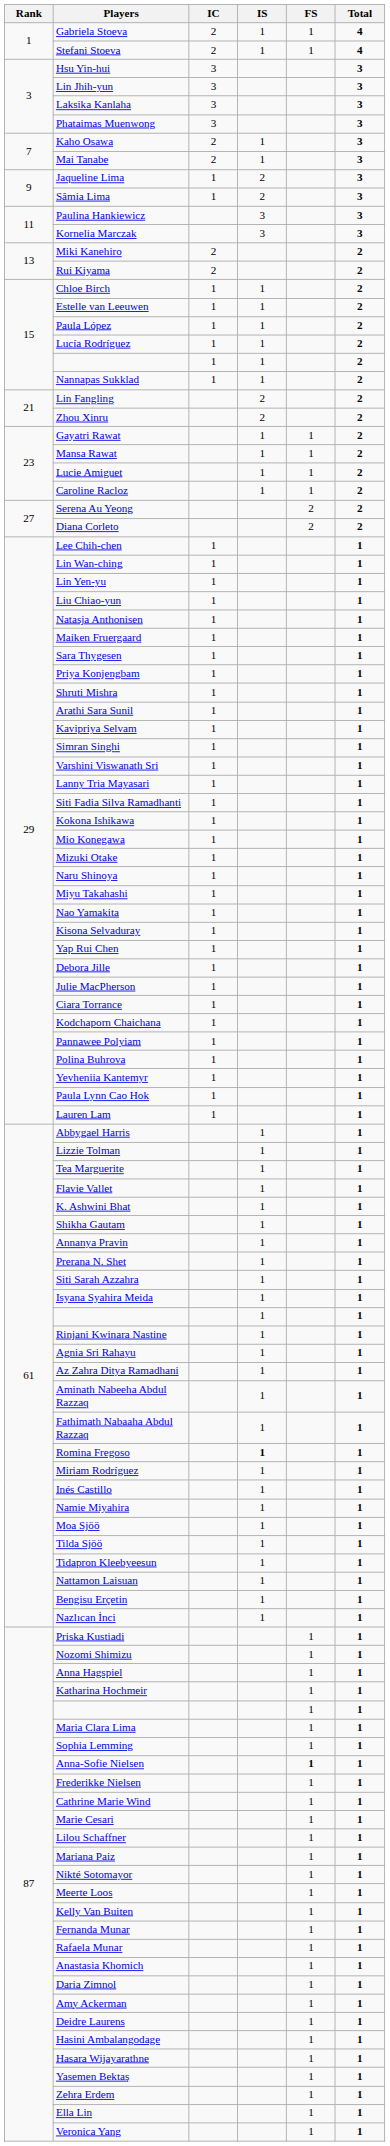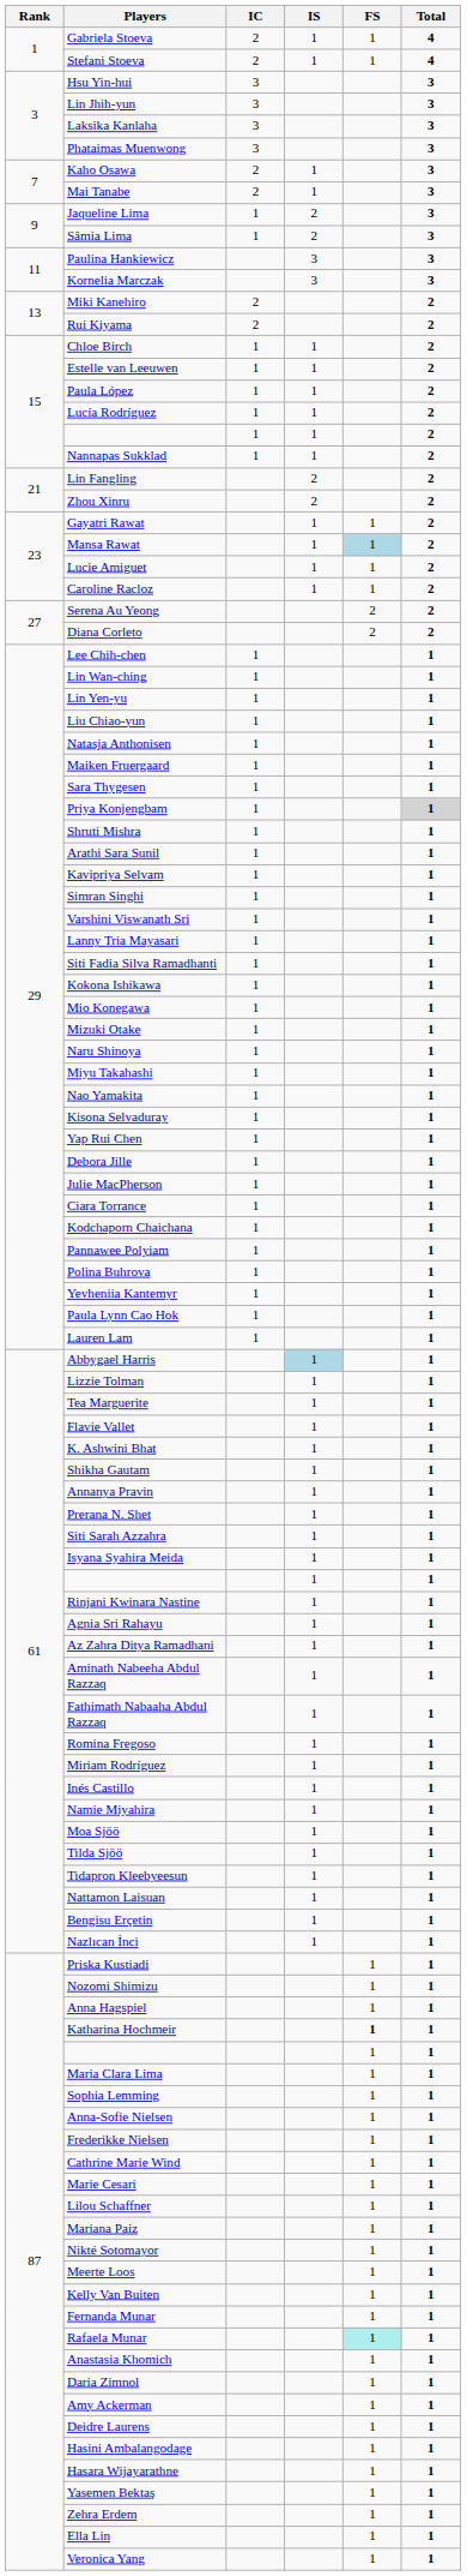 <table class="wikitable" style="font-size:80%; text-align:center">
 <tr>
 <th width="50">Rank</th>
 <th width="150">Players</th>
 <th width="50">IC</th>
 <th width="50">IS</th>
 <th width="50">FS</th>
 <th width="50">Total</th>
 </tr>
 <tr>
 <td rowspan="2">1</td>
 <td align="left"> <a href='#'>Gabriela Stoeva</a></td>
 <td>2</td>
 <td>1</td>
 <td>1</td>
 <td><strong>4</strong></td>
 </tr>
 <tr>
 <td align="left"> <a href='#'>Stefani Stoeva</a></td>
 <td>2</td>
 <td>1</td>
 <td>1</td>
 <td><strong>4</strong></td>
 </tr>
 <tr>
 <td rowspan="4">3</td>
 <td align="left"> <a href='#'>Hsu Yin-hui</a></td>
 <td>3</td>
 <td></td>
 <td></td>
 <td><strong>3</strong></td>
 </tr>
 <tr>
 <td align="left"> <a href='#'>Lin Jhih-yun</a></td>
 <td>3</td>
 <td></td>
 <td></td>
 <td><strong>3</strong></td>
 </tr>
 <tr>
 <td align="left"> <a href='#'>Laksika Kanlaha</a></td>
 <td>3</td>
 <td></td>
 <td></td>
 <td><strong>3</strong></td>
 </tr>
 <tr>
 <td align="left"> <a href='#'>Phataimas Muenwong</a></td>
 <td>3</td>
 <td></td>
 <td></td>
 <td><strong>3</strong></td>
 </tr>
 <tr>
 <td rowspan="2">7</td>
 <td align="left"> <a href='#'>Kaho Osawa</a></td>
 <td>2</td>
 <td>1</td>
 <td></td>
 <td><strong>3</strong></td>
 </tr>
 <tr>
 <td align="left"> <a href='#'>Mai Tanabe</a></td>
 <td>2</td>
 <td>1</td>
 <td></td>
 <td><strong>3</strong></td>
 </tr>
 <tr>
 <td rowspan="2">9</td>
 <td align="left"> <a href='#'>Jaqueline Lima</a></td>
 <td>1</td>
 <td>2</td>
 <td></td>
 <td><strong>3</strong></td>
 </tr>
 <tr>
 <td align="left"> <a href='#'>Sâmia Lima</a></td>
 <td>1</td>
 <td>2</td>
 <td></td>
 <td><strong>3</strong></td>
 </tr>
 <tr>
 <td rowspan="2">11</td>
 <td align="left"> <a href='#'>Paulina Hankiewicz</a></td>
 <td></td>
 <td>3</td>
 <td></td>
 <td><strong>3</strong></td>
 </tr>
 <tr>
 <td align="left"> <a href='#'>Kornelia Marczak</a></td>
 <td></td>
 <td>3</td>
 <td></td>
 <td><strong>3</strong></td>
 </tr>
 <tr>
 <td rowspan="2">13</td>
 <td align="left"> <a href='#'>Miki Kanehiro</a></td>
 <td>2</td>
 <td></td>
 <td></td>
 <td><strong>2</strong></td>
 </tr>
 <tr>
 <td align="left"> <a href='#'>Rui Kiyama</a></td>
 <td>2</td>
 <td></td>
 <td></td>
 <td><strong>2</strong></td>
 </tr>
 <tr>
 <td rowspan="6">15</td>
 <td align="left"> <a href='#'>Chloe Birch</a></td>
 <td>1</td>
 <td>1</td>
 <td></td>
 <td><strong>2</strong></td>
 </tr>
 <tr>
 <td align="left"> <a href='#'>Estelle van Leeuwen</a></td>
 <td>1</td>
 <td>1</td>
 <td></td>
 <td><strong>2</strong></td>
 </tr>
 <tr>
 <td align="left"> <a href='#'>Paula López</a></td>
 <td>1</td>
 <td>1</td>
 <td></td>
 <td><strong>2</strong></td>
 </tr>
 <tr>
 <td align="left"> <a href='#'>Lucía Rodríguez</a></td>
 <td>1</td>
 <td>1</td>
 <td></td>
 <td><strong>2</strong></td>
 </tr>
 <tr>
 <td align="left"></td>
 <td>1</td>
 <td>1</td>
 <td></td>
 <td><strong>2</strong></td>
 </tr>
 <tr>
 <td align="left"> <a href='#'>Nannapas Sukklad</a></td>
 <td>1</td>
 <td>1</td>
 <td></td>
 <td><strong>2</strong></td>
 </tr>
 <tr>
 <td rowspan="2">21</td>
 <td align="left"> <a href='#'>Lin Fangling</a></td>
 <td></td>
 <td>2</td>
 <td></td>
 <td><strong>2</strong></td>
 </tr>
 <tr>
 <td align="left"> <a href='#'>Zhou Xinru</a></td>
 <td></td>
 <td>2</td>
 <td></td>
 <td><strong>2</strong></td>
 </tr>
 <tr>
 <td rowspan="4">23</td>
 <td align="left"> <a href='#'>Gayatri Rawat</a></td>
 <td></td>
 <td>1</td>
 <td>1</td>
 <td><strong>2</strong></td>
 </tr>
 <tr>
 <td align="left"> <a href='#'>Mansa Rawat</a></td>
 <td></td>
 <td>1</td>
-<td>1</td>
+<td style="background: lightblue;">1</td>
 <td><strong>2</strong></td>
 </tr>
 <tr>
 <td align="left"> <a href='#'>Lucie Amiguet</a></td>
 <td></td>
 <td>1</td>
 <td>1</td>
 <td><strong>2</strong></td>
 </tr>
 <tr>
 <td align="left"> <a href='#'>Caroline Racloz</a></td>
 <td></td>
 <td>1</td>
 <td>1</td>
 <td><strong>2</strong></td>
 </tr>
 <tr>
 <td rowspan="2">27</td>
 <td align="left"> <a href='#'>Serena Au Yeong</a></td>
 <td></td>
 <td></td>
 <td>2</td>
 <td><strong>2</strong></td>
 </tr>
 <tr>
 <td align="left"> <a href='#'>Diana Corleto</a></td>
 <td></td>
 <td></td>
 <td>2</td>
 <td><strong>2</strong></td>
 </tr>
 <tr>
 <td rowspan="32">29</td>
 <td align="left"> <a href='#'>Lee Chih-chen</a></td>
 <td>1</td>
 <td></td>
 <td></td>
 <td><strong>1</strong></td>
 </tr>
 <tr>
 <td align="left"> <a href='#'>Lin Wan-ching</a></td>
 <td>1</td>
 <td></td>
 <td></td>
 <td><strong>1</strong></td>
 </tr>
 <tr>
 <td align="left"> <a href='#'>Lin Yen-yu</a></td>
 <td>1</td>
 <td></td>
 <td></td>
 <td><strong>1</strong></td>
 </tr>
 <tr>
 <td align="left"> <a href='#'>Liu Chiao-yun</a></td>
 <td>1</td>
 <td></td>
 <td></td>
 <td><strong>1</strong></td>
 </tr>
 <tr>
 <td align="left"> <a href='#'>Natasja Anthonisen</a></td>
 <td>1</td>
 <td></td>
 <td></td>
 <td><strong>1</strong></td>
 </tr>
 <tr>
 <td align="left"> <a href='#'>Maiken Fruergaard</a></td>
 <td>1</td>
 <td></td>
 <td></td>
 <td><strong>1</strong></td>
 </tr>
 <tr>
 <td align="left"> <a href='#'>Sara Thygesen</a></td>
 <td>1</td>
 <td></td>
 <td></td>
 <td><strong>1</strong></td>
 </tr>
 <tr>
 <td align="left"> <a href='#'>Priya Konjengbam</a></td>
 <td>1</td>
 <td></td>
 <td></td>
-<td><strong>1</strong></td>
+<td style="background: lightgrey;"><strong>1</strong></td>
 </tr>
 <tr>
 <td align="left"> <a href='#'>Shruti Mishra</a></td>
 <td>1</td>
 <td></td>
 <td></td>
 <td><strong>1</strong></td>
 </tr>
 <tr>
 <td align="left"> <a href='#'>Arathi Sara Sunil</a></td>
 <td>1</td>
 <td></td>
 <td></td>
 <td><strong>1</strong></td>
 </tr>
 <tr>
 <td align="left"> <a href='#'>Kavipriya Selvam</a></td>
 <td>1</td>
 <td></td>
 <td></td>
 <td><strong>1</strong></td>
 </tr>
 <tr>
 <td align="left"> <a href='#'>Simran Singhi</a></td>
 <td>1</td>
 <td></td>
 <td></td>
 <td><strong>1</strong></td>
 </tr>
 <tr>
 <td align="left"> <a href='#'>Varshini Viswanath Sri</a></td>
 <td>1</td>
 <td></td>
 <td></td>
 <td><strong>1</strong></td>
 </tr>
 <tr>
 <td align="left"> <a href='#'>Lanny Tria Mayasari</a></td>
 <td>1</td>
 <td></td>
 <td></td>
 <td><strong>1</strong></td>
 </tr>
 <tr>
 <td align="left"> <a href='#'>Siti Fadia Silva Ramadhanti</a></td>
 <td>1</td>
 <td></td>
 <td></td>
 <td><strong>1</strong></td>
 </tr>
 <tr>
 <td align="left"> <a href='#'>Kokona Ishikawa</a></td>
 <td>1</td>
 <td></td>
 <td></td>
 <td><strong>1</strong></td>
 </tr>
 <tr>
 <td align="left"> <a href='#'>Mio Konegawa</a></td>
 <td>1</td>
 <td></td>
 <td></td>
 <td><strong>1</strong></td>
 </tr>
 <tr>
 <td align="left"> <a href='#'>Mizuki Otake</a></td>
 <td>1</td>
 <td></td>
 <td></td>
 <td><strong>1</strong></td>
 </tr>
 <tr>
 <td align="left"> <a href='#'>Naru Shinoya</a></td>
 <td>1</td>
 <td></td>
 <td></td>
 <td><strong>1</strong></td>
 </tr>
 <tr>
 <td align="left"> <a href='#'>Miyu Takahashi</a></td>
 <td>1</td>
 <td></td>
 <td></td>
 <td><strong>1</strong></td>
 </tr>
 <tr>
 <td align="left"> <a href='#'>Nao Yamakita</a></td>
 <td>1</td>
 <td></td>
 <td></td>
 <td><strong>1</strong></td>
 </tr>
 <tr>
 <td align="left"> <a href='#'>Kisona Selvaduray</a></td>
 <td>1</td>
 <td></td>
 <td></td>
 <td><strong>1</strong></td>
 </tr>
 <tr>
 <td align="left"> <a href='#'>Yap Rui Chen</a></td>
 <td>1</td>
 <td></td>
 <td></td>
 <td><strong>1</strong></td>
 </tr>
 <tr>
 <td align="left"> <a href='#'>Debora Jille</a></td>
 <td>1</td>
 <td></td>
 <td></td>
 <td><strong>1</strong></td>
 </tr>
 <tr>
 <td align="left"> <a href='#'>Julie MacPherson</a></td>
 <td>1</td>
 <td></td>
 <td></td>
 <td><strong>1</strong></td>
 </tr>
 <tr>
 <td align="left"> <a href='#'>Ciara Torrance</a></td>
 <td>1</td>
 <td></td>
 <td></td>
 <td><strong>1</strong></td>
 </tr>
 <tr>
 <td align="left"> <a href='#'>Kodchaporn Chaichana</a></td>
 <td>1</td>
 <td></td>
 <td></td>
 <td><strong>1</strong></td>
 </tr>
 <tr>
 <td align="left"> <a href='#'>Pannawee Polyiam</a></td>
 <td>1</td>
 <td></td>
 <td></td>
 <td><strong>1</strong></td>
 </tr>
 <tr>
 <td align="left"> <a href='#'>Polina Buhrova</a></td>
 <td>1</td>
 <td></td>
 <td></td>
 <td><strong>1</strong></td>
 </tr>
 <tr>
 <td align="left"> <a href='#'>Yevheniia Kantemyr</a></td>
 <td>1</td>
 <td></td>
 <td></td>
 <td><strong>1</strong></td>
 </tr>
 <tr>
 <td align="left"> <a href='#'>Paula Lynn Cao Hok</a></td>
 <td>1</td>
 <td></td>
 <td></td>
 <td><strong>1</strong></td>
 </tr>
 <tr>
 <td align="left"> <a href='#'>Lauren Lam</a></td>
 <td>1</td>
 <td></td>
 <td></td>
 <td><strong>1</strong></td>
 </tr>
 <tr>
 <td rowspan="26">61</td>
 <td align="left"> <a href='#'>Abbygael Harris</a></td>
 <td></td>
-<td>1</td>
+<td style="background: lightblue;">1</td>
 <td></td>
 <td><strong>1</strong></td>
 </tr>
 <tr>
 <td align="left"> <a href='#'>Lizzie Tolman</a></td>
 <td></td>
 <td>1</td>
 <td></td>
 <td><strong>1</strong></td>
 </tr>
 <tr>
 <td align="left"> <a href='#'>Tea Marguerite</a></td>
 <td></td>
 <td>1</td>
 <td></td>
 <td><strong>1</strong></td>
 </tr>
 <tr>
 <td align="left"> <a href='#'>Flavie Vallet</a></td>
 <td></td>
 <td>1</td>
 <td></td>
 <td><strong>1</strong></td>
 </tr>
 <tr>
 <td align="left"> <a href='#'>K. Ashwini Bhat</a></td>
 <td></td>
 <td>1</td>
 <td></td>
 <td><strong>1</strong></td>
 </tr>
 <tr>
 <td align="left"> <a href='#'>Shikha Gautam</a></td>
 <td></td>
 <td>1</td>
 <td></td>
 <td><strong>1</strong></td>
 </tr>
 <tr>
 <td align="left"> <a href='#'>Annanya Pravin</a></td>
 <td></td>
 <td>1</td>
 <td></td>
 <td><strong>1</strong></td>
 </tr>
 <tr>
 <td align="left"> <a href='#'>Prerana N. Shet</a></td>
 <td></td>
 <td>1</td>
 <td></td>
 <td><strong>1</strong></td>
 </tr>
 <tr>
 <td align="left"> <a href='#'>Siti Sarah Azzahra</a></td>
 <td></td>
 <td>1</td>
 <td></td>
 <td><strong>1</strong></td>
 </tr>
 <tr>
 <td align="left"> <a href='#'>Isyana Syahira Meida</a></td>
 <td></td>
 <td>1</td>
 <td></td>
 <td><strong>1</strong></td>
 </tr>
 <tr>
 <td align="left"></td>
 <td></td>
 <td>1</td>
 <td></td>
 <td><strong>1</strong></td>
 </tr>
 <tr>
 <td align="left"> <a href='#'>Rinjani Kwinara Nastine</a></td>
 <td></td>
 <td>1</td>
 <td></td>
 <td><strong>1</strong></td>
 </tr>
 <tr>
 <td align="left"> <a href='#'>Agnia Sri Rahayu</a></td>
 <td></td>
 <td>1</td>
 <td></td>
 <td><strong>1</strong></td>
 </tr>
 <tr>
 <td align="left"> <a href='#'>Az Zahra Ditya Ramadhani</a></td>
 <td></td>
 <td>1</td>
 <td></td>
 <td><strong>1</strong></td>
 </tr>
 <tr>
 <td align="left"> <a href='#'>Aminath Nabeeha Abdul Razzaq</a></td>
 <td></td>
 <td>1</td>
 <td></td>
 <td><strong>1</strong></td>
 </tr>
 <tr>
 <td align="left"> <a href='#'>Fathimath Nabaaha Abdul Razzaq</a></td>
 <td></td>
 <td>1</td>
 <td></td>
 <td><strong>1</strong></td>
 </tr>
 <tr>
 <td align="left"> <a href='#'>Romina Fregoso</a></td>
 <td></td>
-<td><strong>1</strong></td>
+<td>1</td>
 <td></td>
 <td><strong>1</strong></td>
 </tr>
 <tr>
 <td align="left"> <a href='#'>Miriam Rodríguez</a></td>
 <td></td>
 <td>1</td>
 <td></td>
 <td><strong>1</strong></td>
 </tr>
 <tr>
 <td align="left"> <a href='#'>Inés Castillo</a></td>
 <td></td>
 <td>1</td>
 <td></td>
 <td><strong>1</strong></td>
 </tr>
 <tr>
 <td align="left"> <a href='#'>Namie Miyahira</a></td>
 <td></td>
 <td>1</td>
 <td></td>
 <td><strong>1</strong></td>
 </tr>
 <tr>
 <td align="left"> <a href='#'>Moa Sjöö</a></td>
 <td></td>
 <td>1</td>
 <td></td>
 <td><strong>1</strong></td>
 </tr>
 <tr>
 <td align="left"> <a href='#'>Tilda Sjöö</a></td>
 <td></td>
 <td>1</td>
 <td></td>
 <td><strong>1</strong></td>
 </tr>
 <tr>
 <td align="left"> <a href='#'>Tidapron Kleebyeesun</a></td>
 <td></td>
 <td>1</td>
 <td></td>
 <td><strong>1</strong></td>
 </tr>
 <tr>
 <td align="left"> <a href='#'>Nattamon Laisuan</a></td>
 <td></td>
 <td>1</td>
 <td></td>
 <td><strong>1</strong></td>
 </tr>
 <tr>
 <td align="left"> <a href='#'>Bengisu Erçetin</a></td>
 <td></td>
 <td>1</td>
 <td></td>
 <td><strong>1</strong></td>
 </tr>
 <tr>
 <td align="left"> <a href='#'>Nazlıcan İnci</a></td>
 <td></td>
 <td>1</td>
 <td></td>
 <td><strong>1</strong></td>
 </tr>
 <tr>
 <td rowspan="30">87</td>
 <td align="left"> <a href='#'>Priska Kustiadi</a></td>
 <td></td>
 <td></td>
 <td>1</td>
 <td><strong>1</strong></td>
 </tr>
 <tr>
 <td align="left"> <a href='#'>Nozomi Shimizu</a></td>
 <td></td>
 <td></td>
 <td>1</td>
 <td><strong>1</strong></td>
 </tr>
 <tr>
 <td align="left"> <a href='#'>Anna Hagspiel</a></td>
 <td></td>
 <td></td>
 <td>1</td>
 <td><strong>1</strong></td>
 </tr>
 <tr>
 <td align="left"> <a href='#'>Katharina Hochmeir</a></td>
 <td></td>
 <td></td>
-<td>1</td>
+<td><strong>1</strong></td>
 <td><strong>1</strong></td>
 </tr>
 <tr>
 <td align="left"></td>
 <td></td>
 <td></td>
 <td>1</td>
 <td><strong>1</strong></td>
 </tr>
 <tr>
 <td align="left"> <a href='#'>Maria Clara Lima</a></td>
 <td></td>
 <td></td>
 <td>1</td>
 <td><strong>1</strong></td>
 </tr>
 <tr>
 <td align="left"> <a href='#'>Sophia Lemming</a></td>
 <td></td>
 <td></td>
 <td>1</td>
 <td><strong>1</strong></td>
 </tr>
 <tr>
 <td align="left"> <a href='#'>Anna-Sofie Nielsen</a></td>
 <td></td>
 <td></td>
-<td><strong>1</strong></td>
+<td>1</td>
 <td><strong>1</strong></td>
 </tr>
 <tr>
 <td align="left"> <a href='#'>Frederikke Nielsen</a></td>
 <td></td>
 <td></td>
 <td>1</td>
 <td><strong>1</strong></td>
 </tr>
 <tr>
 <td align="left"> <a href='#'>Cathrine Marie Wind</a></td>
 <td></td>
 <td></td>
 <td>1</td>
 <td><strong>1</strong></td>
 </tr>
 <tr>
 <td align="left"> <a href='#'>Marie Cesari</a></td>
 <td></td>
 <td></td>
 <td>1</td>
 <td><strong>1</strong></td>
 </tr>
 <tr>
 <td align="left"> <a href='#'>Lilou Schaffner</a></td>
 <td></td>
 <td></td>
 <td>1</td>
 <td><strong>1</strong></td>
 </tr>
 <tr>
 <td align="left"> <a href='#'>Mariana Paiz</a></td>
 <td></td>
 <td></td>
 <td>1</td>
 <td><strong>1</strong></td>
 </tr>
 <tr>
 <td align="left"> <a href='#'>Nikté Sotomayor</a></td>
 <td></td>
 <td></td>
 <td>1</td>
 <td><strong>1</strong></td>
 </tr>
 <tr>
 <td align="left"> <a href='#'>Meerte Loos</a></td>
 <td></td>
 <td></td>
 <td>1</td>
 <td><strong>1</strong></td>
 </tr>
 <tr>
 <td align="left"> <a href='#'>Kelly Van Buiten</a></td>
 <td></td>
 <td></td>
 <td>1</td>
 <td><strong>1</strong></td>
 </tr>
 <tr>
 <td align="left"> <a href='#'>Fernanda Munar</a></td>
 <td></td>
 <td></td>
 <td>1</td>
 <td><strong>1</strong></td>
 </tr>
 <tr>
 <td align="left"> <a href='#'>Rafaela Munar</a></td>
 <td></td>
 <td></td>
-<td>1</td>
+<td style="background: paleturquoise;">1</td>
 <td><strong>1</strong></td>
 </tr>
 <tr>
 <td align="left"> <a href='#'>Anastasia Khomich</a></td>
 <td></td>
 <td></td>
 <td>1</td>
 <td><strong>1</strong></td>
 </tr>
 <tr>
 <td align="left"> <a href='#'>Daria Zimnol</a></td>
 <td></td>
 <td></td>
 <td>1</td>
 <td><strong>1</strong></td>
 </tr>
 <tr>
 <td align="left"> <a href='#'>Amy Ackerman</a></td>
 <td></td>
 <td></td>
 <td>1</td>
 <td><strong>1</strong></td>
 </tr>
 <tr>
 <td align="left"> <a href='#'>Deidre Laurens</a></td>
 <td></td>
 <td></td>
 <td>1</td>
 <td><strong>1</strong></td>
 </tr>
 <tr>
 <td align="left"> <a href='#'>Hasini Ambalangodage</a></td>
 <td></td>
 <td></td>
 <td>1</td>
 <td><strong>1</strong></td>
 </tr>
 <tr>
 <td align="left"> <a href='#'>Hasara Wijayarathne</a></td>
 <td></td>
 <td></td>
 <td>1</td>
 <td><strong>1</strong></td>
 </tr>
 <tr>
 <td align="left"> <a href='#'>Yasemen Bektaş</a></td>
 <td></td>
 <td></td>
 <td>1</td>
 <td><strong>1</strong></td>
 </tr>
 <tr>
 <td align="left"> <a href='#'>Zehra Erdem</a></td>
 <td></td>
 <td></td>
 <td>1</td>
 <td><strong>1</strong></td>
 </tr>
 <tr>
 <td align="left"> <a href='#'>Ella Lin</a></td>
 <td></td>
 <td></td>
 <td>1</td>
 <td><strong>1</strong></td>
 </tr>
 <tr>
 <td align="left"> <a href='#'>Veronica Yang</a></td>
 <td></td>
 <td></td>
 <td>1</td>
 <td><strong>1</strong></td>
 </tr>
 </table>
